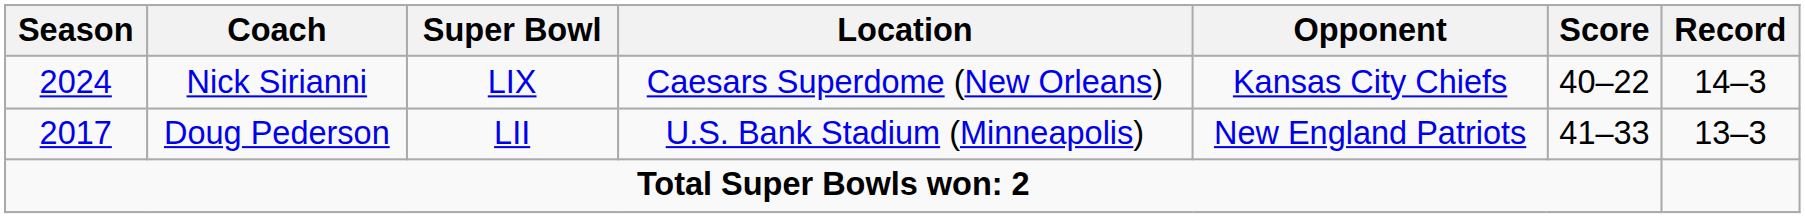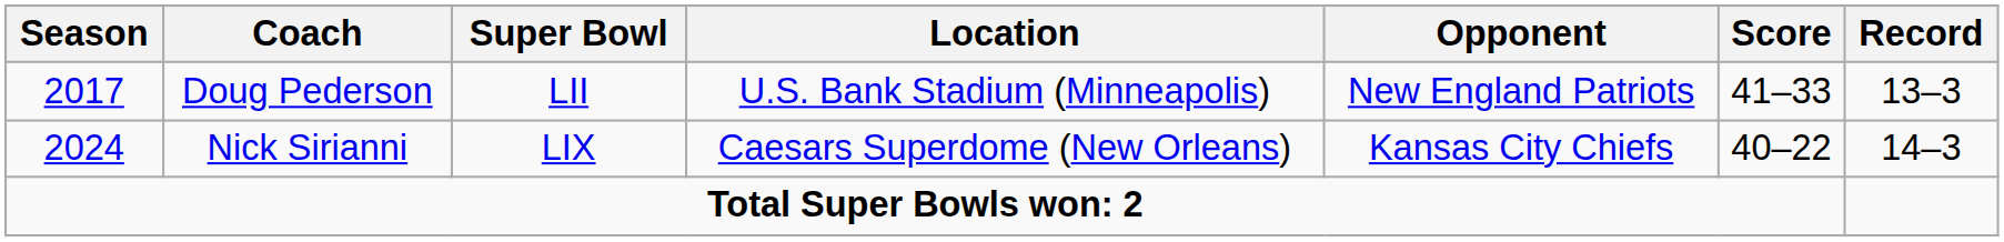 <table class="wikitable" style="width:70%;text-align:center">
 <tr>
 <th>Season</th>
 <th>Coach</th>
 <th>Super Bowl</th>
 <th>Location</th>
 <th>Opponent</th>
 <th>Score</th>
 <th>Record</th>
 </tr>
 <tr>
+<td><a href='#'>2017</a></td>
+<td><a href='#'>Doug Pederson</a></td>
+<td><a href='#'>LII</a></td>
+<td><a href='#'>U.S. Bank Stadium</a> (<a href='#'>Minneapolis</a>)</td>
+<td><a href='#'>New England Patriots</a></td>
+<td>41–33</td>
+<td>13–3</td>
+</tr>
+<tr>
 <td><a href='#'>2024</a></td>
 <td><a href='#'>Nick Sirianni</a></td>
 <td><a href='#'>LIX</a></td>
 <td><a href='#'>Caesars Superdome</a> (<a href='#'>New Orleans</a>)</td>
 <td><a href='#'>Kansas City Chiefs</a></td>
 <td>40–22</td>
 <td>14–3</td>
 </tr>
 <tr>
-<td><a href='#'>2017</a></td>
-<td><a href='#'>Doug Pederson</a></td>
-<td><a href='#'>LII</a></td>
-<td><a href='#'>U.S. Bank Stadium</a> (<a href='#'>Minneapolis</a>)</td>
-<td><a href='#'>New England Patriots</a></td>
-<td>41–33</td>
-<td>13–3</td>
-</tr>
-<tr>
 <td colspan="6"><strong>Total Super Bowls won: 2</strong></td>
 <td></td>
 </tr>
 </table>
